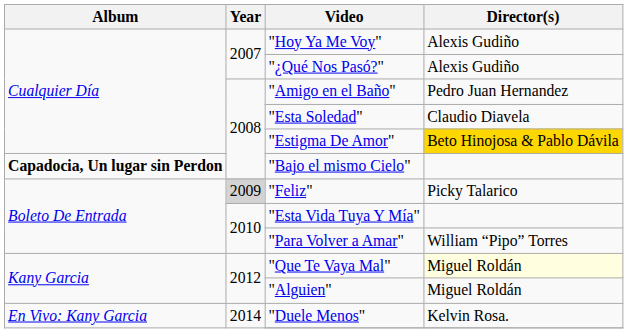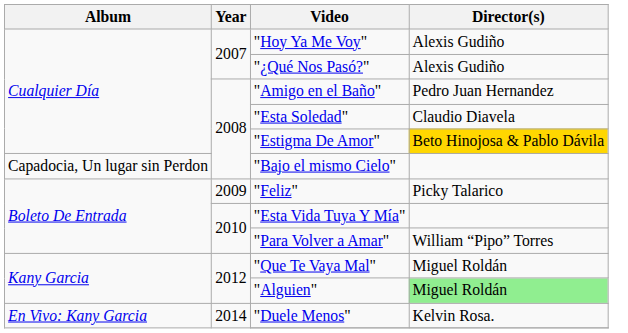 <table class="wikitable">
 <tr>
 <th>Album</th>
 <th>Year</th>
 <th>Video</th>
 <th>Director(s)</th>
 </tr>
 <tr>
 <td rowspan="5"><em><a href='#'>Cualquier Día</a></em></td>
 <td rowspan="2">2007</td>
 <td>"<a href='#'>Hoy Ya Me Voy</a>"</td>
 <td>Alexis Gudiño</td>
 </tr>
 <tr>
 <td>"<a href='#'>¿Qué Nos Pasó?</a>"</td>
 <td>Alexis Gudiño</td>
 </tr>
 <tr>
 <td rowspan="4">2008</td>
 <td>"<a href='#'>Amigo en el Baño</a>"</td>
 <td>Pedro Juan Hernandez</td>
 </tr>
 <tr>
 <td>"<a href='#'>Esta Soledad</a>"</td>
 <td>Claudio Diavela</td>
 </tr>
 <tr>
 <td>"<a href='#'>Estigma De Amor</a>"</td>
 <td style="background: gold;">Beto Hinojosa & Pablo Dávila</td>
 </tr>
 <tr>
-<td rowspan="1"><strong>Capadocia, Un lugar sin Perdon</strong></td>
+<td rowspan="1">Capadocia, Un lugar sin Perdon</td>
 <td>"<a href='#'>Bajo el mismo Cielo</a>"</td>
 <td></td>
 </tr>
 <tr>
 <td rowspan="3"><em><a href='#'>Boleto De Entrada</a></em></td>
-<td rowspan="1" style="background: lightgrey;">2009</td>
+<td rowspan="1">2009</td>
 <td>"<a href='#'>Feliz</a>"</td>
 <td>Picky Talarico</td>
 </tr>
 <tr>
 <td rowspan="2">2010</td>
 <td>"<a href='#'>Esta Vida Tuya Y Mía</a>"</td>
 <td></td>
 </tr>
 <tr>
 <td>"<a href='#'>Para Volver a Amar</a>"</td>
 <td>William “Pipo” Torres</td>
 </tr>
 <tr>
 <td rowspan="2"><em><a href='#'>Kany Garcia</a></em></td>
 <td rowspan="2">2012</td>
 <td>"<a href='#'>Que Te Vaya Mal</a>"</td>
-<td style="background: lightyellow;">Miguel Roldán</td>
+<td>Miguel Roldán</td>
 </tr>
 <tr>
 <td>"<a href='#'>Alguien</a>"</td>
-<td>Miguel Roldán</td>
+<td style="background: lightgreen;">Miguel Roldán</td>
 </tr>
 <tr>
 <td rowspan="2"><em><a href='#'>En Vivo: Kany Garcia</a></em></td>
 <td rowspan="2">2014</td>
 <td>"<a href='#'>Duele Menos</a>"</td>
 <td>Kelvin Rosa.</td>
 </tr>
 <tr>
 </tr>
 </table>
